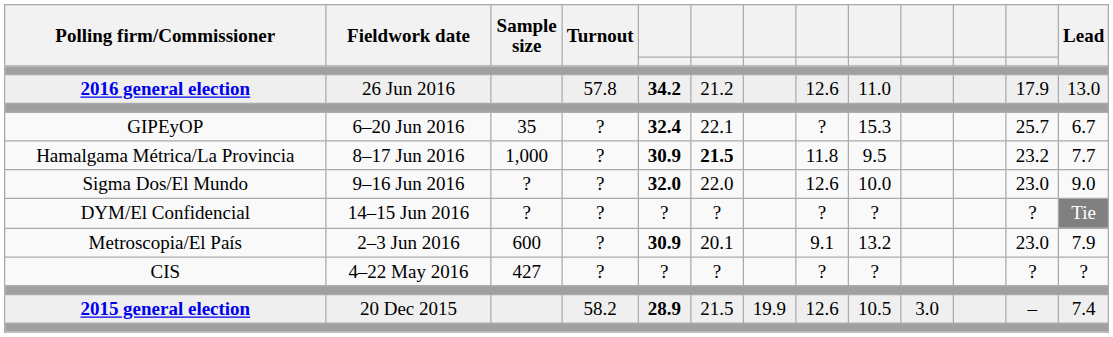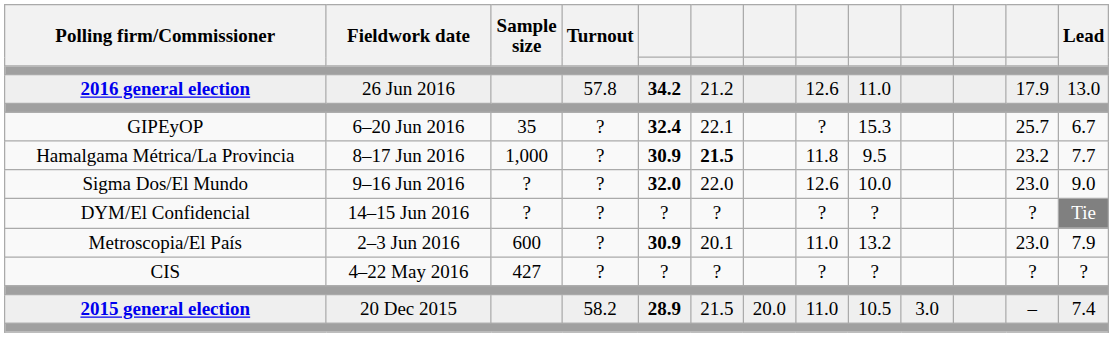 <table class="wikitable collapsible collapsed" style="text-align:center; font-size:95%; line-height:16px;">
 <tr style="height:42px; background-color:#E9E9E9">
 <th style="width:250px;" rowspan="2">Polling firm/Commissioner</th>
 <th style="width:125px;" rowspan="2">Fieldwork date</th>
 <th style="width:50px;" rowspan="2">Sample size</th>
 <th style="width:45px;" rowspan="2">Turnout</th>
 <th style="width:35px;"></th>
 <th style="width:35px;"></th>
 <th style="width:35px;"></th>
 <th style="width:35px;"></th>
 <th style="width:35px;"></th>
 <th style="width:35px;"></th>
 <th style="width:35px;"></th>
 <th style="width:35px;"></th>
 <th style="width:30px;" rowspan="2">Lead</th>
 </tr>
 <tr>
 <th style="color:inherit;background:"></th>
 <th style="color:inherit;background:"></th>
 <th style="color:inherit;background:"></th>
 <th style="color:inherit;background:"></th>
 <th style="color:inherit;background:"></th>
 <th style="color:inherit;background:"></th>
 <th style="color:inherit;background:"></th>
 <th style="color:inherit;background:"></th>
 </tr>
 <tr>
 <td colspan="13" style="background:#A0A0A0"></td>
 </tr>
 <tr style="background:#EFEFEF;">
 <td><strong><a href='#'>2016 general election</a></strong></td>
 <td>26 Jun 2016</td>
 <td></td>
 <td>57.8</td>
 <td><strong>34.2</strong><br></td>
 <td>21.2<br></td>
 <td></td>
 <td>12.6<br></td>
 <td>11.0<br></td>
 <td></td>
 <td></td>
 <td>17.9<br></td>
 <td style="background:">13.0</td>
 </tr>
 <tr>
 <td colspan="13" style="background:#A0A0A0"></td>
 </tr>
 <tr>
 <td>GIPEyOP</td>
 <td>6–20 Jun 2016</td>
 <td>35</td>
 <td>?</td>
 <td><strong>32.4</strong><br></td>
 <td>22.1<br></td>
 <td></td>
 <td>?<br></td>
 <td>15.3<br></td>
 <td></td>
 <td></td>
 <td>25.7<br></td>
 <td style="background:">6.7</td>
 </tr>
 <tr>
 <td>Hamalgama Métrica/La Provincia</td>
 <td>8–17 Jun 2016</td>
 <td>1,000</td>
 <td>?</td>
 <td><strong>30.9</strong><br></td>
 <td><strong>21.5<br></strong></td>
 <td></td>
 <td>11.8<br></td>
 <td>9.5<br></td>
 <td></td>
 <td></td>
 <td>23.2<br></td>
 <td style="background:">7.7</td>
 </tr>
 <tr>
 <td>Sigma Dos/El Mundo</td>
 <td>9–16 Jun 2016</td>
 <td>?</td>
 <td>?</td>
 <td><strong>32.0</strong><br></td>
 <td>22.0<br></td>
 <td></td>
 <td>12.6<br></td>
 <td>10.0<br></td>
 <td></td>
 <td></td>
 <td>23.0<br></td>
 <td style="background:">9.0</td>
 </tr>
 <tr>
 <td>DYM/El Confidencial</td>
 <td>14–15 Jun 2016</td>
 <td>?</td>
 <td>?</td>
 <td>?<br></td>
 <td>?<br></td>
 <td></td>
 <td>?<br></td>
 <td>?<br></td>
 <td></td>
 <td></td>
 <td>?<br></td>
 <td style="background:gray;color:white;">Tie</td>
 </tr>
 <tr>
 <td>Metroscopia/El País</td>
 <td>2–3 Jun 2016</td>
 <td>600</td>
 <td>?</td>
 <td><strong>30.9</strong><br></td>
 <td>20.1<br></td>
 <td></td>
-<td>9.1<br></td>
+<td>11.0<br></td>
 <td>13.2<br></td>
 <td></td>
 <td></td>
 <td>23.0<br></td>
 <td style="background:">7.9</td>
 </tr>
 <tr>
 <td>CIS</td>
 <td>4–22 May 2016</td>
 <td>427</td>
 <td>?</td>
 <td>?<br></td>
 <td>?<br></td>
 <td></td>
 <td>?<br></td>
 <td>?<br></td>
 <td></td>
 <td></td>
 <td>?<br></td>
 <td style="background:">?</td>
 </tr>
 <tr>
 <td colspan="13" style="background:#A0A0A0"></td>
 </tr>
 <tr style="background:#EFEFEF;">
 <td><strong><a href='#'>2015 general election</a></strong></td>
 <td>20 Dec 2015</td>
 <td></td>
 <td>58.2</td>
 <td><strong>28.9</strong><br></td>
 <td>21.5<br></td>
-<td>19.9<br></td>
-<td>12.6<br></td>
+<td>20.0<br></td>
+<td>11.0<br></td>
 <td>10.5<br></td>
 <td>3.0<br></td>
 <td></td>
 <td>–</td>
 <td style="background:">7.4</td>
 </tr>
 <tr>
 <td colspan="13" style="background:#A0A0A0"></td>
 </tr>
 </table>
